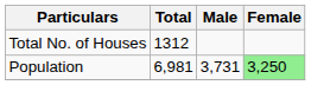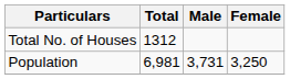 <table class="wikitable sortable">
 <tr>
 <th>Particulars</th>
 <th>Total</th>
 <th>Male</th>
 <th>Female</th>
 </tr>
 <tr>
 <td>Total No. of Houses</td>
 <td>1312</td>
 <td></td>
 <td></td>
 </tr>
 <tr>
 <td>Population</td>
 <td>6,981</td>
 <td>3,731</td>
-<td style="background: lightgreen;">3,250</td>
+<td>3,250</td>
 </tr>
 <tr>
 </tr>
 </table>
